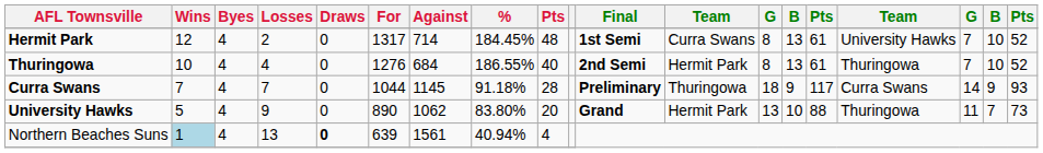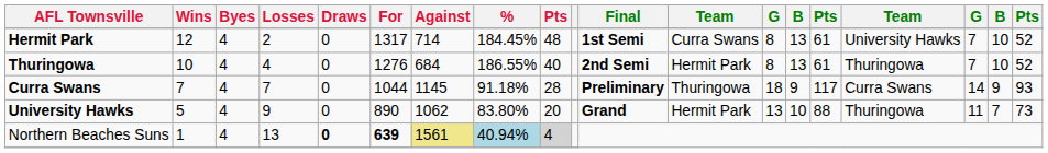 <table class="wikitable" style="font-size: 85%; text-align: left">
 <tr>
 <th style="color:crimson">AFL Townsville</th>
 <th style="color:crimson">Wins</th>
 <th style="color:crimson">Byes</th>
 <th style="color:crimson">Losses</th>
 <th style="color:crimson">Draws</th>
 <th style="color:crimson">For</th>
 <th style="color:crimson">Against</th>
 <th style="color:crimson">%</th>
 <th style="color:crimson">Pts</th>
 <th></th>
 <th style="color:green">Final</th>
 <th style="color:green">Team</th>
 <th style="color:green">G</th>
 <th style="color:green">B</th>
 <th style="color:green">Pts</th>
 <th style="color:green">Team</th>
 <th style="color:green">G</th>
 <th style="color:green">B</th>
 <th style="color:green">Pts</th>
 </tr>
 <tr>
 </tr>
 <tr>
 </tr>
 <tr>
 <td><strong>	Hermit Park	</strong></td>
 <td>12</td>
 <td>4</td>
 <td>2</td>
 <td>0</td>
 <td>1317</td>
 <td>714</td>
 <td>184.45%</td>
 <td>48</td>
 <td></td>
 <td><strong>1st Semi</strong></td>
 <td>Curra Swans</td>
 <td>8</td>
 <td>13</td>
 <td>61</td>
 <td>University Hawks</td>
 <td>7</td>
 <td>10</td>
 <td>52</td>
 </tr>
 <tr>
 <td><strong>	Thuringowa	</strong></td>
 <td>10</td>
 <td>4</td>
 <td>4</td>
 <td>0</td>
 <td>1276</td>
 <td>684</td>
 <td>186.55%</td>
 <td>40</td>
 <td></td>
 <td><strong>2nd Semi</strong></td>
 <td>Hermit Park</td>
 <td>8</td>
 <td>13</td>
 <td>61</td>
 <td>Thuringowa</td>
 <td>7</td>
 <td>10</td>
 <td>52</td>
 </tr>
 <tr>
 <td><strong>	Curra Swans	</strong></td>
 <td>7</td>
 <td>4</td>
 <td>7</td>
 <td>0</td>
 <td>1044</td>
 <td>1145</td>
 <td>91.18%</td>
 <td>28</td>
 <td></td>
 <td><strong>Preliminary</strong></td>
 <td>Thuringowa</td>
 <td>18</td>
 <td>9</td>
 <td>117</td>
 <td>Curra Swans</td>
 <td>14</td>
 <td>9</td>
 <td>93</td>
 </tr>
 <tr>
 <td><strong>	University Hawks	</strong></td>
 <td>5</td>
 <td>4</td>
 <td>9</td>
 <td>0</td>
 <td>890</td>
 <td>1062</td>
 <td>83.80%</td>
 <td>20</td>
 <td></td>
 <td><strong>Grand</strong></td>
 <td>Hermit Park</td>
 <td>13</td>
 <td>10</td>
 <td>88</td>
 <td>Thuringowa</td>
 <td>11</td>
 <td>7</td>
 <td>73</td>
 </tr>
 <tr>
 <td>Northern Beaches Suns</td>
-<td style="background: lightblue;">1</td>
+<td>1</td>
 <td>4</td>
 <td>13</td>
 <td><strong>0</strong></td>
-<td>639</td>
-<td>1561</td>
-<td>40.94%</td>
-<td>4</td>
+<td><strong>639</strong></td>
+<td style="background: khaki;">1561</td>
+<td style="background: lightblue;">40.94%</td>
+<td style="background: lightgrey;">4</td>
 <td></td>
 </tr>
 <tr>
 </tr>
 </table>
